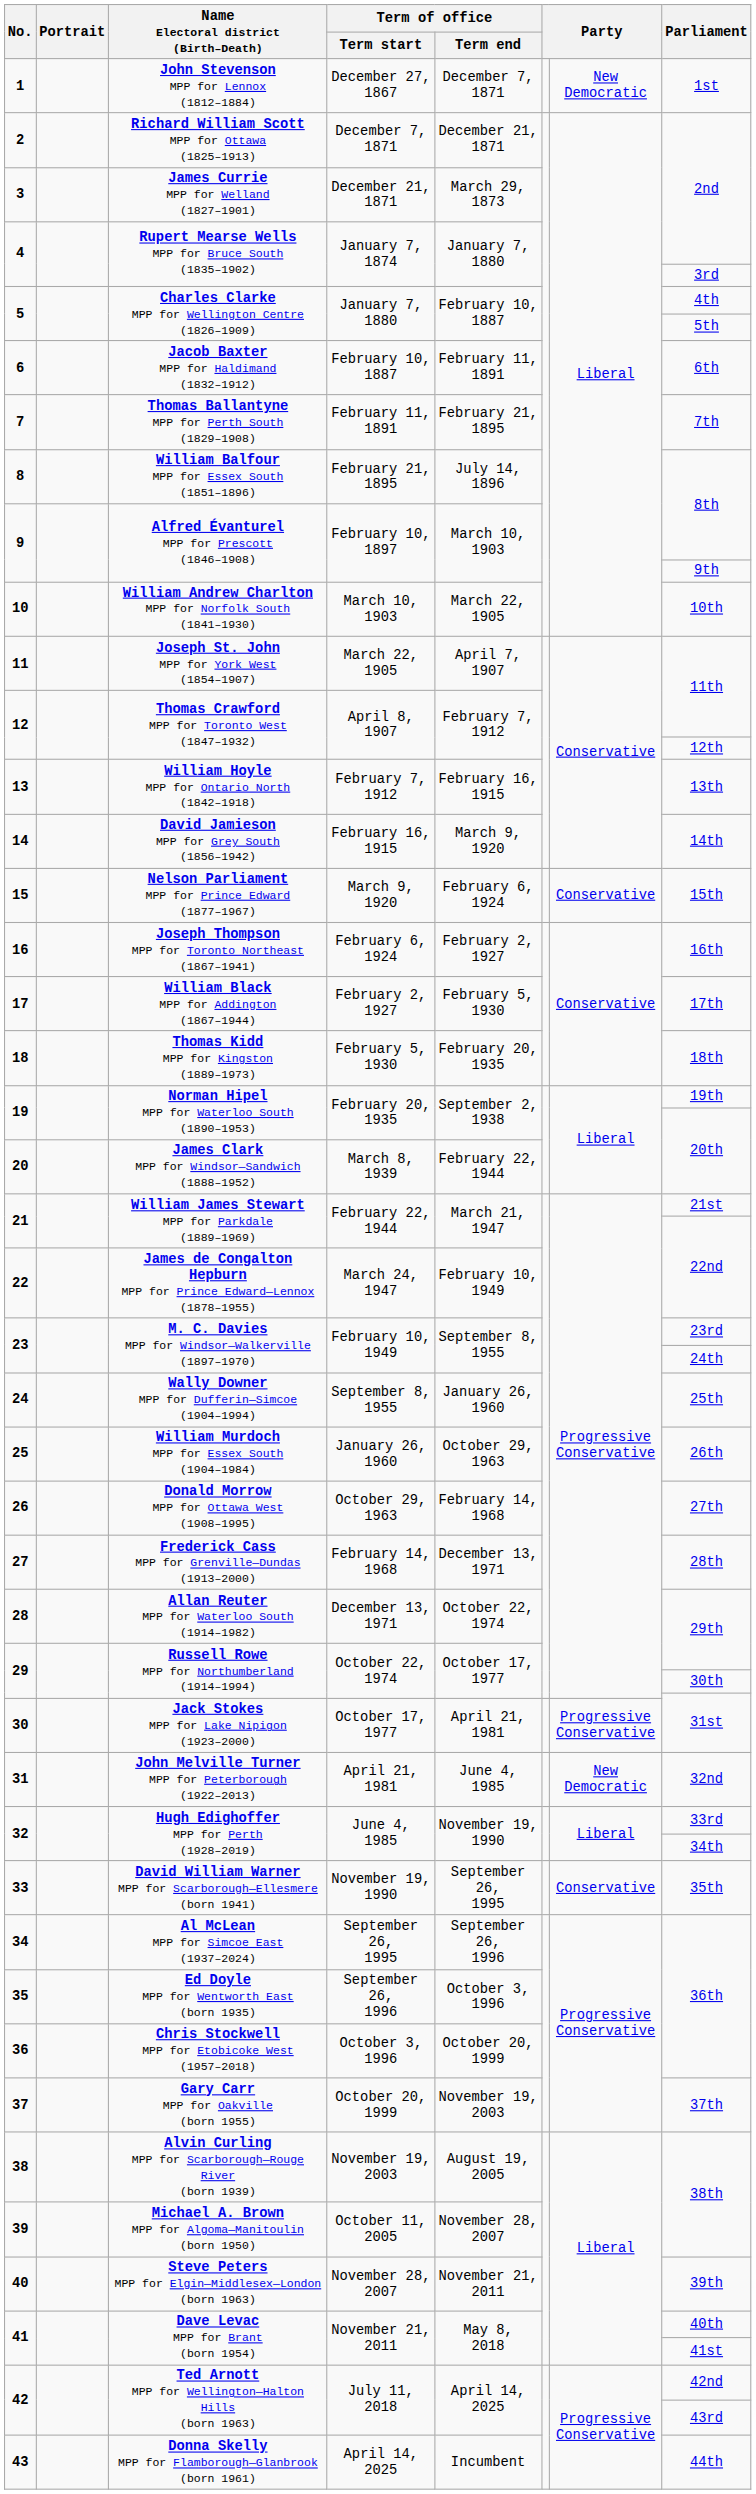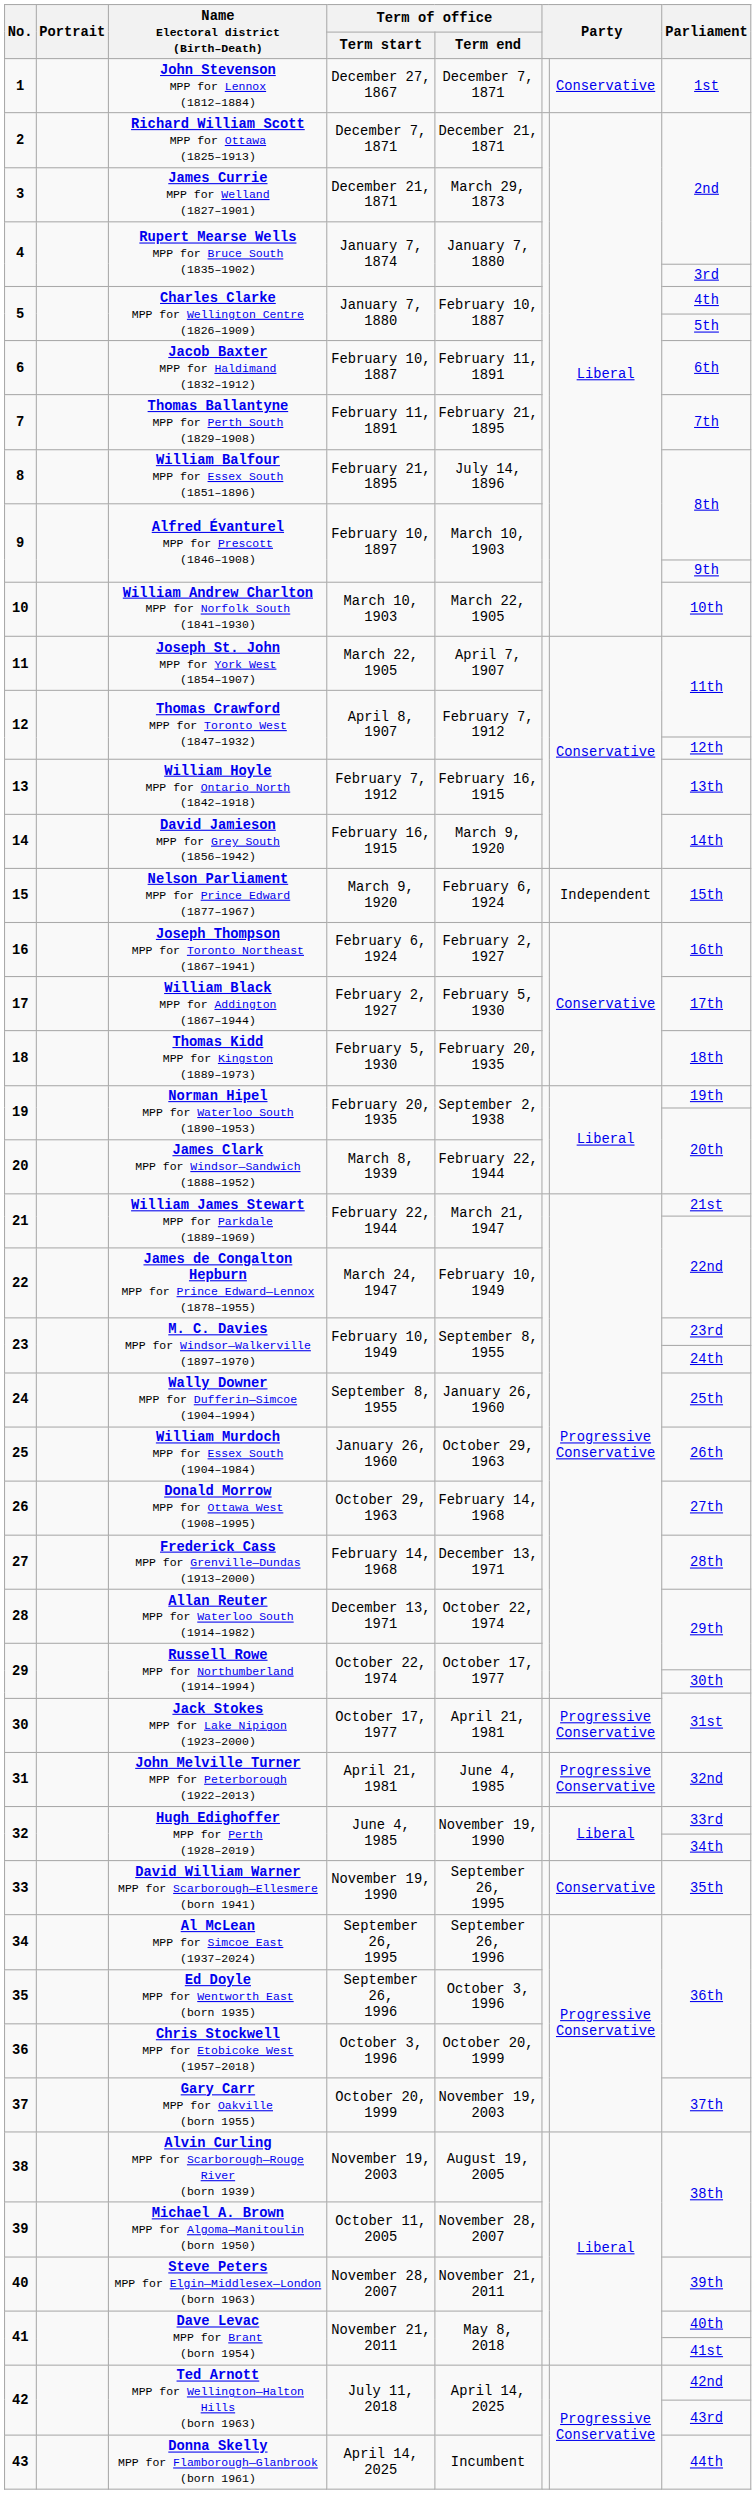 <table class="wikitable" style="text-align:center">
 <tr>
 <th rowspan="2">No.</th>
 <th rowspan="2">Portrait</th>
 <th rowspan="2" width="200px">Name<br><small>Electoral district<br>(Birth–Death)</small></th>
 <th colspan="2">Term of office</th>
 <th colspan="2" rowspan="2">Party</th>
 <th rowspan="2">Parliament</th>
 </tr>
 <tr>
 <th width="95px">Term start</th>
 <th width="95px">Term end</th>
 </tr>
 <tr>
 <td><strong>1</strong></td>
 <td></td>
 <td><a href='#'><strong>John Stevenson</strong></a><br><small>MPP for <a href='#'>Lennox</a></small><br><small>(1812–1884)</small></td>
 <td>December 27,<br>1867</td>
 <td>December 7,<br>1871</td>
 <td style="width:1px; background:"></td>
-<td><a href='#'>New Democratic</a></td>
+<td width="100px"><a href='#'>Conservative</a></td>
 <td><a href='#'>1st</a></td>
 </tr>
 <tr>
 <td><strong>2</strong></td>
 <td></td>
 <td><strong><a href='#'>Richard William Scott</a></strong><br><small>MPP for <a href='#'>Ottawa</a></small><br><small>(1825–1913)</small></td>
 <td>December 7,<br>1871</td>
 <td>December 21,<br>1871</td>
 <td rowspan="12" style="width:1px; background:"></td>
 <td rowspan="12"><a href='#'>Liberal</a></td>
 <td rowspan="3"><a href='#'>2nd</a></td>
 </tr>
 <tr>
 <td><strong>3</strong></td>
 <td></td>
 <td><a href='#'><strong>James Currie</strong></a><br><small>MPP for <a href='#'>Welland</a></small><br><small>(1827–1901)</small></td>
 <td>December 21,<br>1871</td>
 <td>March 29,<br>1873</td>
 </tr>
 <tr style="height:40px">
 <td rowspan="2"><strong>4</strong></td>
 <td rowspan="2"></td>
 <td rowspan="2"><strong><a href='#'>Rupert Mearse Wells</a></strong><br><small>MPP for <a href='#'>Bruce South</a></small><br><small>(1835–1902)</small></td>
 <td rowspan="2">January 7,<br>1874</td>
 <td rowspan="2">January 7,<br>1880</td>
 </tr>
 <tr>
 <td><a href='#'>3rd</a></td>
 </tr>
 <tr>
 <td rowspan="2"><strong>5</strong></td>
 <td rowspan="2"></td>
 <td rowspan="2"><a href='#'><strong>Charles Clarke</strong></a><br><small>MPP for <a href='#'>Wellington Centre</a></small><br><small>(1826–1909)</small></td>
 <td rowspan="2">January 7,<br>1880</td>
 <td rowspan="2">February 10,<br>1887</td>
 <td><a href='#'>4th</a></td>
 </tr>
 <tr>
 <td><a href='#'>5th</a></td>
 </tr>
 <tr>
 <td><strong>6</strong></td>
 <td></td>
 <td><strong><a href='#'>Jacob Baxter</a></strong><br><small>MPP for <a href='#'>Haldimand</a></small><br><small>(1832–1912)</small></td>
 <td>February 10,<br>1887</td>
 <td>February 11,<br>1891</td>
 <td><a href='#'>6th</a></td>
 </tr>
 <tr>
 <td><strong>7</strong></td>
 <td></td>
 <td><a href='#'><strong>Thomas Ballantyne</strong></a><br><small>MPP for <a href='#'>Perth South</a></small><br><small>(1829–1908)</small></td>
 <td>February 11,<br>1891</td>
 <td>February 21,<br>1895</td>
 <td><a href='#'>7th</a></td>
 </tr>
 <tr>
 <td><strong>8</strong></td>
 <td></td>
 <td><a href='#'><strong>William Balfour</strong></a><br><small>MPP for <a href='#'>Essex South</a></small><br><small>(1851–1896)</small></td>
 <td>February 21,<br>1895</td>
 <td>July 14,<br>1896</td>
 <td rowspan="2"><a href='#'>8th</a></td>
 </tr>
 <tr style="height:53px">
 <td rowspan="2"><strong>9</strong></td>
 <td rowspan="2"></td>
 <td rowspan="2"><strong><a href='#'>Alfred Évanturel</a></strong><br><small>MPP for <a href='#'>Prescott</a></small><br><small>(1846–1908)</small></td>
 <td rowspan="2">February 10,<br>1897</td>
 <td rowspan="2">March 10,<br>1903</td>
 </tr>
 <tr>
 <td><a href='#'>9th</a></td>
 </tr>
 <tr>
 <td><strong>10</strong></td>
 <td></td>
 <td><strong><a href='#'>William Andrew Charlton</a></strong><br><small>MPP for <a href='#'>Norfolk South</a></small><br><small>(1841–1930)</small></td>
 <td>March 10,<br>1903</td>
 <td>March 22,<br>1905</td>
 <td><a href='#'>10th</a></td>
 </tr>
 <tr>
 <td><strong>11</strong></td>
 <td></td>
 <td><strong><a href='#'>Joseph St. John</a></strong><br><small>MPP for <a href='#'>York West</a></small><br><small>(1854–1907)</small></td>
 <td>March 22,<br>1905</td>
 <td>April 7,<br>1907</td>
 <td rowspan="5" style="width:1px; background:"></td>
 <td rowspan="5"><a href='#'>Conservative</a></td>
 <td rowspan="2"><a href='#'>11th</a></td>
 </tr>
 <tr style="height:44px">
 <td rowspan="2"><strong>12</strong></td>
 <td rowspan="2"></td>
 <td rowspan="2"><a href='#'><strong>Thomas Crawford</strong></a><br><small>MPP for <a href='#'>Toronto West</a></small><br><small>(1847–1932)</small></td>
 <td rowspan="2">April 8,<br>1907</td>
 <td rowspan="2">February 7,<br>1912</td>
 </tr>
 <tr>
 <td><a href='#'>12th</a></td>
 </tr>
 <tr>
 <td><strong>13</strong></td>
 <td></td>
 <td><a href='#'><strong>William Hoyle</strong></a><br><small>MPP for <a href='#'>Ontario North</a></small><br><small>(1842–1918)</small></td>
 <td>February 7,<br>1912</td>
 <td>February 16,<br>1915</td>
 <td><a href='#'>13th</a></td>
 </tr>
 <tr>
 <td><strong>14</strong></td>
 <td></td>
 <td><a href='#'><strong>David Jamieson</strong></a><br><small>MPP for <a href='#'>Grey South</a></small><br><small>(1856–1942)</small></td>
 <td>February 16,<br>1915</td>
 <td>March 9,<br>1920</td>
 <td><a href='#'>14th</a></td>
 </tr>
 <tr>
 <td><strong>15</strong></td>
 <td></td>
 <td><strong><a href='#'>Nelson Parliament</a></strong><br><small>MPP for <a href='#'>Prince Edward</a></small><br><small>(1877–1967)</small></td>
 <td>March 9,<br>1920</td>
 <td>February 6,<br>1924</td>
 <td style="width:1px; background:"></td>
-<td width="100px"><a href='#'>Conservative</a></td>
+<td>Independent</td>
 <td><a href='#'>15th</a></td>
 </tr>
 <tr>
 <td><strong>16</strong></td>
 <td></td>
 <td><strong><a href='#'>Joseph Thompson</a></strong><br><small>MPP for <a href='#'>Toronto Northeast</a></small><br><small>(1867–1941)</small></td>
 <td>February 6,<br>1924</td>
 <td>February 2,<br>1927</td>
 <td rowspan="3" style="width:1px; background:"></td>
 <td rowspan="3"><a href='#'>Conservative</a></td>
 <td><a href='#'>16th</a></td>
 </tr>
 <tr>
 <td><strong>17</strong></td>
 <td></td>
 <td><a href='#'><strong>William Black</strong></a><br><small>MPP for <a href='#'>Addington</a></small><br><small>(1867–1944)</small></td>
 <td>February 2,<br>1927</td>
 <td>February 5,<br>1930</td>
 <td><a href='#'>17th</a></td>
 </tr>
 <tr>
 <td><strong>18</strong></td>
 <td></td>
 <td><a href='#'><strong>Thomas Kidd</strong></a><br><small>MPP for <a href='#'>Kingston</a></small><br><small>(1889–1973)</small></td>
 <td>February 5,<br>1930</td>
 <td>February 20,<br>1935</td>
 <td><a href='#'>18th</a></td>
 </tr>
 <tr>
 <td rowspan="2"><strong>19</strong></td>
 <td rowspan="2"></td>
 <td rowspan="2"><strong><a href='#'>Norman Hipel</a></strong><br><small>MPP for <a href='#'>Waterloo South</a></small><br><small>(1890–1953)</small></td>
 <td rowspan="2">February 20,<br>1935</td>
 <td rowspan="2">September 2,<br>1938</td>
 <td rowspan="3" style="width:1px; background:"></td>
 <td rowspan="3"><a href='#'>Liberal</a></td>
 <td><a href='#'>19th</a></td>
 </tr>
 <tr>
 <td rowspan="2"><a href='#'>20th</a></td>
 </tr>
 <tr>
 <td><strong>20</strong></td>
 <td></td>
 <td><strong><a href='#'>James Clark</a></strong><br><small>MPP for <a href='#'>Windsor—Sandwich</a></small><br><small>(1888–1952)</small></td>
 <td>March 8,<br>1939</td>
 <td>February 22,<br>1944</td>
 </tr>
 <tr>
 <td rowspan="2"><strong>21</strong></td>
 <td rowspan="2"></td>
 <td rowspan="2"><strong><a href='#'>William James Stewart</a></strong><br><small>MPP for <a href='#'>Parkdale</a></small><br><small>(1889–1969)</small></td>
 <td rowspan="2">February 22,<br>1944</td>
 <td rowspan="2">March 21,<br>1947</td>
 <td rowspan="13" style="width:1px; background:"></td>
 <td rowspan="13"><a href='#'>Progressive Conservative</a></td>
 <td><a href='#'>21st</a></td>
 </tr>
 <tr>
 <td rowspan="2"><a href='#'>22nd</a></td>
 </tr>
 <tr>
 <td><strong>22</strong></td>
 <td></td>
 <td><strong><a href='#'>James de Congalton Hepburn</a></strong><br><small>MPP for <a href='#'>Prince Edward—Lennox</a></small><br><small>(1878–1955)</small></td>
 <td>March 24,<br>1947</td>
 <td>February 10,<br>1949</td>
 </tr>
 <tr>
 <td rowspan="2"><strong>23</strong></td>
 <td rowspan="2"></td>
 <td rowspan="2"><a href='#'><strong>M. C. Davies</strong></a><br><small>MPP for <a href='#'>Windsor—Walkerville</a></small><br><small>(1897–1970)</small></td>
 <td rowspan="2">February 10,<br>1949</td>
 <td rowspan="2">September 8,<br>1955</td>
 <td><a href='#'>23rd</a></td>
 </tr>
 <tr>
 <td><a href='#'>24th</a></td>
 </tr>
 <tr>
 <td><strong>24</strong></td>
 <td></td>
 <td><strong><a href='#'>Wally Downer</a></strong><br><small>MPP for <a href='#'>Dufferin—Simcoe</a></small><br><small>(1904–1994)</small></td>
 <td>September 8,<br>1955</td>
 <td>January 26,<br>1960</td>
 <td><a href='#'>25th</a></td>
 </tr>
 <tr>
 <td><strong>25</strong></td>
 <td></td>
 <td><a href='#'><strong>William Murdoch</strong></a><br><small>MPP for <a href='#'>Essex South</a></small><br><small>(1904–1984)</small></td>
 <td>January 26,<br>1960</td>
 <td>October 29,<br>1963</td>
 <td><a href='#'>26th</a></td>
 </tr>
 <tr>
 <td><strong>26</strong></td>
 <td></td>
 <td><strong><a href='#'>Donald Morrow</a></strong><br><small>MPP for <a href='#'>Ottawa West</a></small><br><small>(1908–1995)</small></td>
 <td>October 29,<br>1963</td>
 <td>February 14,<br>1968</td>
 <td><a href='#'>27th</a></td>
 </tr>
 <tr>
 <td><strong>27</strong></td>
 <td></td>
 <td><strong><a href='#'>Frederick Cass</a></strong><br><small>MPP for <a href='#'>Grenville—Dundas</a></small><br><small>(1913–2000)</small></td>
 <td>February 14,<br>1968</td>
 <td>December 13,<br>1971</td>
 <td><a href='#'>28th</a></td>
 </tr>
 <tr>
 <td><strong>28</strong></td>
 <td></td>
 <td><strong><a href='#'>Allan Reuter</a></strong><br><small>MPP for <a href='#'>Waterloo South</a></small><br><small>(1914–1982)</small></td>
 <td>December 13,<br>1971</td>
 <td>October 22,<br>1974</td>
 <td rowspan="2"><a href='#'>29th</a></td>
 </tr>
 <tr style="height:25px">
 <td rowspan="3"><strong>29</strong></td>
 <td rowspan="3"></td>
 <td rowspan="3"><strong><a href='#'>Russell Rowe</a></strong><br><small>MPP for <a href='#'>Northumberland</a></small><br><small>(1914–1994)</small></td>
 <td rowspan="3">October 22,<br>1974</td>
 <td rowspan="3">October 17,<br>1977</td>
 </tr>
 <tr>
 <td><a href='#'>30th</a></td>
 </tr>
 <tr>
 <td rowspan="2"><a href='#'>31st</a></td>
 </tr>
 <tr>
 <td><strong>30</strong></td>
 <td></td>
 <td><a href='#'><strong>Jack Stokes</strong></a><br><small>MPP for <a href='#'>Lake Nipigon</a></small><br><small>(1923–2000)</small></td>
 <td>October 17,<br>1977</td>
 <td>April 21,<br>1981</td>
 <td style="width:1px; background:"></td>
 <td><a href='#'>Progressive Conservative</a></td>
 </tr>
 <tr>
 <td><strong>31</strong></td>
 <td></td>
 <td><strong><a href='#'>John Melville Turner</a></strong><br><small>MPP for <a href='#'>Peterborough</a></small><br><small>(1922–2013)</small></td>
 <td>April 21,<br>1981</td>
 <td>June 4,<br>1985</td>
 <td style="width:1px; background:"></td>
-<td><a href='#'>New Democratic</a></td>
+<td><a href='#'>Progressive Conservative</a></td>
 <td><a href='#'>32nd</a></td>
 </tr>
 <tr>
 <td rowspan="2"><strong>32</strong></td>
 <td rowspan="2"></td>
 <td rowspan="2"><strong><a href='#'>Hugh Edighoffer</a></strong><br><small>MPP for <a href='#'>Perth</a></small><br><small>(1928–2019)</small></td>
 <td rowspan="2">June 4,<br>1985</td>
 <td rowspan="2">November 19,<br>1990</td>
 <td rowspan="2" style="width:1px; background:"></td>
 <td rowspan="2"><a href='#'>Liberal</a></td>
 <td><a href='#'>33rd</a></td>
 </tr>
 <tr>
 <td><a href='#'>34th</a></td>
 </tr>
 <tr>
 <td><strong>33</strong></td>
 <td></td>
 <td><strong><a href='#'>David William Warner</a></strong><br><small>MPP for <a href='#'>Scarborough—Ellesmere</a></small><br><small>(born 1941)</small></td>
 <td>November 19,<br>1990</td>
 <td>September 26,<br>1995</td>
 <td style="width:1px; background:"></td>
 <td width="100px"><a href='#'>Conservative</a></td>
 <td><a href='#'>35th</a></td>
 </tr>
 <tr>
 <td><strong>34</strong></td>
 <td></td>
 <td><strong><a href='#'>Al McLean</a></strong><br><small>MPP for <a href='#'>Simcoe East</a></small><br><small>(1937–2024)</small></td>
 <td>September 26,<br>1995</td>
 <td>September 26,<br>1996</td>
 <td rowspan="4" style="width:1px; background:"></td>
 <td rowspan="4"><a href='#'>Progressive Conservative</a></td>
 <td rowspan="3"><a href='#'>36th</a></td>
 </tr>
 <tr>
 <td><strong>35</strong></td>
 <td></td>
 <td><a href='#'><strong>Ed Doyle</strong></a><br><small>MPP for <a href='#'>Wentworth East</a></small><br><small>(born 1935)</small></td>
 <td>September 26,<br>1996</td>
 <td>October 3,<br>1996</td>
 </tr>
 <tr>
 <td><strong>36</strong></td>
 <td></td>
 <td><strong><a href='#'>Chris Stockwell</a></strong><br><small>MPP for <a href='#'>Etobicoke West</a></small><br><small>(1957–2018)</small></td>
 <td>October 3,<br>1996</td>
 <td>October 20,<br>1999</td>
 </tr>
 <tr>
 <td><strong>37</strong></td>
 <td></td>
 <td><a href='#'><strong>Gary Carr</strong></a><br><small>MPP for <a href='#'>Oakville</a></small><br><small>(born 1955)</small></td>
 <td>October 20,<br>1999</td>
 <td>November 19,<br>2003</td>
 <td><a href='#'>37th</a></td>
 </tr>
 <tr>
 <td><strong>38</strong></td>
 <td></td>
 <td><strong><a href='#'>Alvin Curling</a></strong><br><small>MPP for <a href='#'>Scarborough—Rouge River</a></small><br><small>(born 1939)</small></td>
 <td>November 19,<br>2003</td>
 <td>August 19,<br>2005</td>
 <td rowspan="5" style="width:1px; background:"></td>
 <td rowspan="5"><a href='#'>Liberal</a></td>
 <td rowspan="2"><a href='#'>38th</a></td>
 </tr>
 <tr>
 <td><strong>39</strong></td>
 <td></td>
 <td><a href='#'><strong>Michael A. Brown</strong></a><br><small>MPP for <a href='#'>Algoma—Manitoulin</a></small><br><small>(born 1950)</small></td>
 <td>October 11,<br>2005</td>
 <td>November 28,<br>2007</td>
 </tr>
 <tr>
 <td><strong>40</strong></td>
 <td></td>
 <td><a href='#'><strong>Steve Peters</strong></a><br><small>MPP for <a href='#'>Elgin—Middlesex—London</a></small><br><small>(born 1963)</small></td>
 <td>November 28,<br>2007</td>
 <td>November 21,<br>2011</td>
 <td><a href='#'>39th</a></td>
 </tr>
 <tr>
 <td rowspan="2"><strong>41</strong></td>
 <td rowspan="2"></td>
 <td rowspan="2"><strong><a href='#'>Dave Levac</a></strong><br><small>MPP for <a href='#'>Brant</a></small><br><small>(born 1954)</small></td>
 <td rowspan="2">November 21,<br>2011</td>
 <td rowspan="2">May 8,<br>2018</td>
 <td><a href='#'>40th</a></td>
 </tr>
 <tr>
 <td><a href='#'>41st</a></td>
 </tr>
 <tr>
 <td rowspan="2"><strong>42</strong></td>
 <td rowspan="2"></td>
 <td rowspan="2"><strong><a href='#'>Ted Arnott</a></strong><br><small>MPP for <a href='#'>Wellington—Halton Hills</a></small><br><small>(born 1963)</small></td>
 <td rowspan="2">July 11,<br>2018</td>
 <td rowspan="2">April 14, 2025</td>
 <td rowspan="3" style="width:1px; background:"></td>
 <td rowspan="3"><a href='#'>Progressive Conservative</a></td>
 <td><a href='#'>42nd</a></td>
 </tr>
 <tr>
 <td><a href='#'>43rd</a></td>
 </tr>
 <tr>
 <td><strong>43</strong></td>
 <td></td>
 <td><a href='#'><strong>Donna Skelly</strong></a><br><small>MPP for <a href='#'>Flamborough—Glanbrook</a></small><br><small>(born 1961)</small></td>
 <td>April 14, 2025</td>
 <td>Incumbent</td>
 <td><a href='#'>44th</a></td>
 </tr>
 </table>
